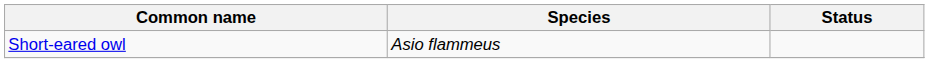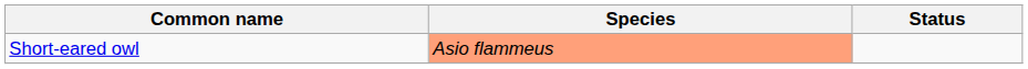 <table width=70% class="wikitable">
 <tr>
 <th width=20%>Common name</th>
 <th width=20%>Species</th>
 <th width=8%>Status</th>
 </tr>
 <tr>
 <td><a href='#'>Short-eared owl</a></td>
-<td><em>Asio flammeus</em></td>
+<td style="background: lightsalmon;"><em>Asio flammeus</em></td>
 <td align=center></td>
 </tr>
 <tr>
 </tr>
 </table>
